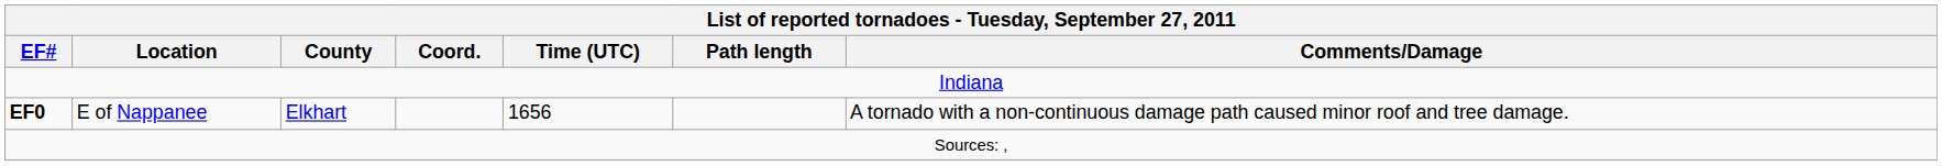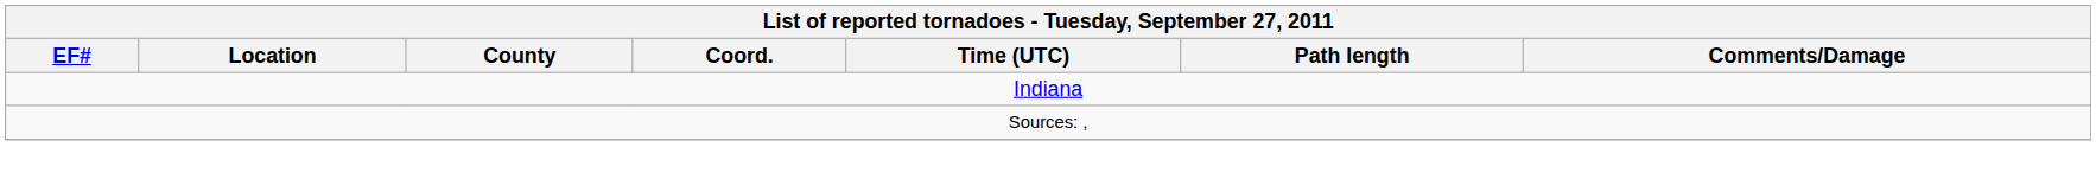 <table class="wikitable collapsible" width="100%">
 <tr>
 <th colspan="7">List of reported tornadoes - Tuesday, September 27, 2011</th>
 </tr>
 <tr>
 <th><a href='#'>EF#</a></th>
 <th>Location</th>
 <th>County</th>
 <th>Coord.</th>
 <th>Time (UTC)</th>
 <th>Path length</th>
 <th>Comments/Damage</th>
 </tr>
 <tr>
 <td colspan="7" align=center><a href='#'>Indiana</a></td>
 </tr>
 <tr>
-<td><strong>EF0</strong></td>
-<td>E of <a href='#'>Nappanee</a></td>
-<td><a href='#'>Elkhart</a></td>
-<td></td>
-<td>1656</td>
-<td></td>
-<td>A tornado with a non-continuous damage path caused minor roof and tree damage.</td>
-</tr>
-<tr>
 <td colspan="7" align=center><small>Sources: , </small></td>
 </tr>
 <tr>
 </tr>
 </table>
